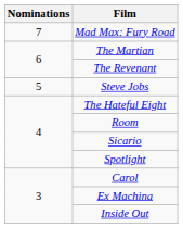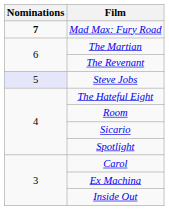 <table class="wikitable" style="text-align:center;">
 <tr>
 <th scope="col" width="55">Nominations</th>
 <th scope="col" align="center">Film</th>
 </tr>
 <tr>
-<td style="text-align:center;">7</td>
+<td style="text-align:center;"><strong>7</strong></td>
 <td><em><a href='#'>Mad Max: Fury Road</a></em></td>
 </tr>
 <tr>
 <td rowspan=2 style="text-align:center">6</td>
 <td><em><a href='#'>The Martian</a></em></td>
 </tr>
 <tr>
 <td><em><a href='#'>The Revenant</a></em></td>
 </tr>
 <tr>
-<td rowspan=1 style="text-align:center">5</td>
+<td rowspan=1 style="background: lavender; text-align:center">5</td>
 <td><em><a href='#'>Steve Jobs</a></em></td>
 </tr>
 <tr>
 <td rowspan=4 style="text-align:center">4</td>
 <td><em><a href='#'>The Hateful Eight</a></em></td>
 </tr>
 <tr>
 <td><em><a href='#'>Room</a></em></td>
 </tr>
 <tr>
 <td><em><a href='#'>Sicario</a></em></td>
 </tr>
 <tr>
 <td><em><a href='#'>Spotlight</a></em></td>
 </tr>
 <tr>
 <td rowspan=3 style="text-align:center">3</td>
 <td><em><a href='#'>Carol</a></em></td>
 </tr>
 <tr>
 <td><em><a href='#'>Ex Machina</a></em></td>
 </tr>
 <tr>
 <td><em><a href='#'>Inside Out</a></em></td>
 </tr>
 </table>
